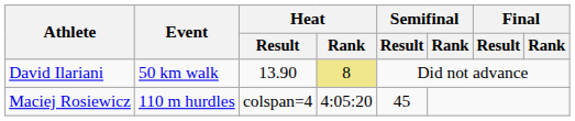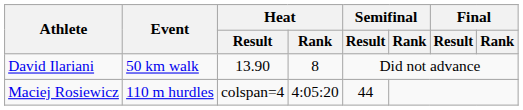 <table class="wikitable" style="font-size:90%">
 <tr>
 <th rowspan="2">Athlete</th>
 <th rowspan="2">Event</th>
 <th colspan="2">Heat</th>
 <th colspan="2">Semifinal</th>
 <th colspan="2">Final</th>
 </tr>
 <tr style="font-size:95%">
 <th>Result</th>
 <th>Rank</th>
 <th>Result</th>
 <th>Rank</th>
 <th>Result</th>
 <th>Rank</th>
 </tr>
 <tr align=center>
 <td align=left><a href='#'>David Ilariani</a></td>
 <td align=left><a href='#'>50 km walk</a></td>
 <td>13.90</td>
-<td style="background: khaki;">8</td>
+<td>8</td>
 <td colspan=4>Did not advance</td>
 </tr>
 <tr align=center>
 <td align=left><a href='#'>Maciej Rosiewicz</a></td>
 <td align=left><a href='#'>110 m hurdles</a></td>
 <td>colspan=4 </td>
 <td>4:05:20</td>
-<td>45</td>
+<td>44</td>
 </tr>
 </table>
